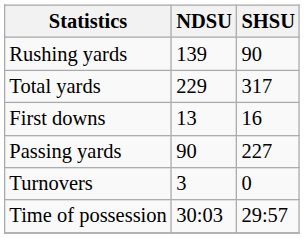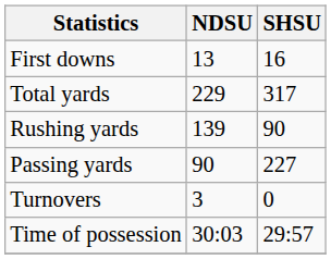 <table class="wikitable" style="float: left;">
 <tr>
 <th>Statistics</th>
 <th>NDSU</th>
 <th>SHSU</th>
 </tr>
 <tr>
-<td>Rushing yards</td>
-<td>139</td>
-<td>90</td>
+<td>First downs</td>
+<td>13</td>
+<td>16</td>
 </tr>
 <tr>
 <td>Total yards</td>
 <td>229</td>
 <td>317</td>
 </tr>
 <tr>
-<td>First downs</td>
-<td>13</td>
-<td>16</td>
+<td>Rushing yards</td>
+<td>139</td>
+<td>90</td>
 </tr>
 <tr>
 <td>Passing yards</td>
 <td>90</td>
 <td>227</td>
 </tr>
 <tr>
 <td>Turnovers</td>
 <td>3</td>
 <td>0</td>
 </tr>
 <tr>
 <td>Time of possession</td>
 <td>30:03</td>
 <td>29:57</td>
 </tr>
 <tr>
 </tr>
 </table>
